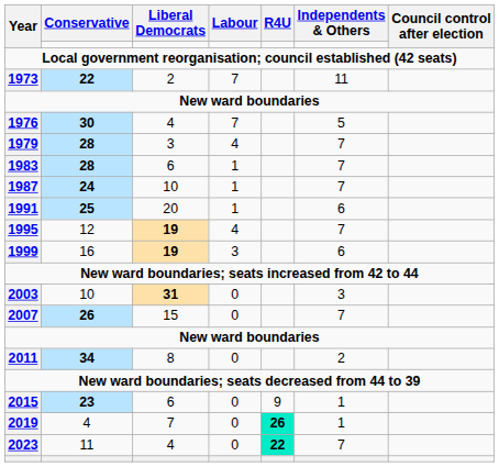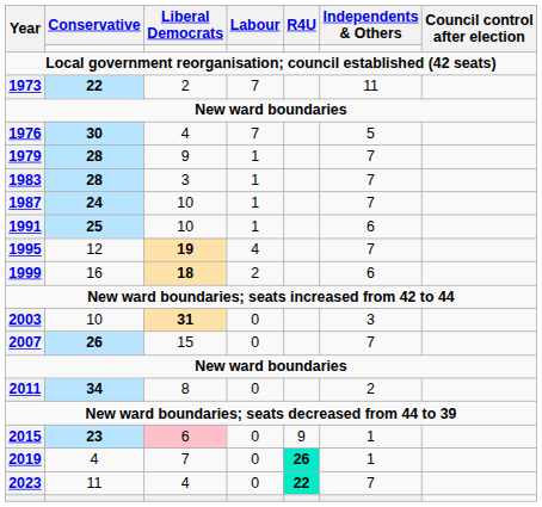 <table class="wikitable plainrowheaders" style="text-align:center">
 <tr>
 <th scope="col" rowspan="2">Year</th>
 <th scope="col"><a href='#'>Conservative</a></th>
 <th scope="col" style="width:1px"><a href='#'>Liberal Democrats</a></th>
 <th scope="col"><a href='#'>Labour</a></th>
 <th scope="col"><a href='#'>R4U</a></th>
 <th scope="col"><a href='#'>Independents</a><br>& Others</th>
 <th scope="col" rowspan="2" colspan="2">Council control<br>after election</th>
 </tr>
 <tr>
 <td style="background:"></td>
 <td style="background:"></td>
 <td style="background:"></td>
 <td style="background:"></td>
 <td style="background:"></td>
 </tr>
 <tr>
 <td colspan="9"><strong>Local government reorganisation; council established (42 seats)</strong></td>
 </tr>
 <tr>
 <th scope="row"><a href='#'>1973</a></th>
 <td style="background:#B9E4FF;"><strong>22</strong></td>
 <td>2</td>
 <td>7</td>
 <td></td>
 <td>11</td>
 <td></td>
 </tr>
 <tr>
 <td colspan="9"><strong>New ward boundaries</strong></td>
 </tr>
 <tr>
 <th scope="row"><a href='#'>1976</a></th>
 <td style="background:#B9E4FF;"><strong>30</strong></td>
 <td>4</td>
 <td>7</td>
 <td></td>
 <td>5</td>
 <td></td>
 </tr>
 <tr>
 <th scope="row"><a href='#'>1979</a></th>
 <td style="background:#B9E4FF;"><strong>28</strong></td>
-<td>3</td>
-<td>4</td>
+<td>9</td>
+<td>1</td>
 <td></td>
 <td>7</td>
 <td></td>
 </tr>
 <tr>
 <th scope="row"><a href='#'>1983</a></th>
 <td style="background:#B9E4FF;"><strong>28</strong></td>
-<td>6</td>
+<td>3</td>
 <td>1</td>
 <td></td>
 <td>7</td>
 <td></td>
 </tr>
 <tr>
 <th scope="row"><a href='#'>1987</a></th>
 <td style="background:#B9E4FF;"><strong>24</strong></td>
 <td>10</td>
 <td>1</td>
 <td></td>
 <td>7</td>
 <td></td>
 </tr>
 <tr>
 <th scope="row"><a href='#'>1991</a></th>
 <td style="background:#B9E4FF;"><strong>25</strong></td>
-<td>20</td>
+<td>10</td>
 <td>1</td>
 <td></td>
 <td>6</td>
 <td></td>
 </tr>
 <tr>
 <th scope="row"><a href='#'>1995</a></th>
 <td>12</td>
 <td style="background:#FEE1A8"><strong>19</strong></td>
 <td>4</td>
 <td></td>
 <td>7</td>
 <td></td>
 </tr>
 <tr>
 <th scope="row"><a href='#'>1999</a></th>
 <td>16</td>
-<td style="background:#FEE1A8"><strong>19</strong></td>
-<td>3</td>
+<td style="background:#FEE1A8"><strong>18</strong></td>
+<td>2</td>
 <td></td>
 <td>6</td>
 <td></td>
 </tr>
 <tr>
 <td colspan="9"><strong>New ward boundaries; seats increased from 42 to 44</strong></td>
 </tr>
 <tr>
 <th scope="row"><a href='#'>2003</a></th>
 <td>10</td>
 <td style="background:#FEE1A8"><strong>31</strong></td>
 <td>0</td>
 <td></td>
 <td>3</td>
 <td></td>
 </tr>
 <tr>
 <th scope="row"><a href='#'>2007</a></th>
 <td style="background:#B9E4FF;"><strong>26</strong></td>
 <td>15</td>
 <td>0</td>
 <td></td>
 <td>7</td>
 <td></td>
 </tr>
 <tr>
 <td colspan="9"><strong>New ward boundaries</strong></td>
 </tr>
 <tr>
 <th scope="row"><a href='#'>2011</a></th>
 <td style="background:#B9E4FF;"><strong>34</strong></td>
 <td>8</td>
 <td>0</td>
 <td></td>
 <td>2</td>
 <td></td>
 </tr>
 <tr>
 <td colspan="9"><strong>New ward boundaries; seats decreased from 44 to 39</strong></td>
 </tr>
 <tr>
 <th scope="row"><a href='#'>2015</a></th>
 <td style="background:#B9E4FF;"><strong>23</strong></td>
-<td>6</td>
+<td style="background: pink;">6</td>
 <td>0</td>
 <td>9</td>
 <td>1</td>
 <td></td>
 </tr>
 <tr>
 <th scope="row"><a href='#'>2019</a></th>
 <td>4</td>
 <td>7</td>
 <td>0</td>
 <td style="background:#00EBC7;"><strong>26</strong></td>
 <td>1</td>
 <td></td>
 </tr>
 <tr>
 <th scope="row"><a href='#'>2023</a></th>
 <td>11</td>
 <td>4</td>
 <td>0</td>
 <td style="background:#00EBC7;"><strong>22</strong></td>
 <td>7</td>
 <td></td>
 </tr>
 <tr>
 <th></th>
 <th style="background-color: "></th>
 <th style="background-color: "></th>
 <th style="background-color: "></th>
 <th style="background-color: "></th>
 <th style="background-color: "></th>
 </tr>
 </table>
